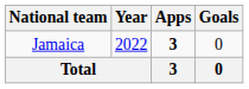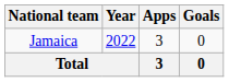 <table class="wikitable" style="text-align:center">
 <tr>
 <th>National team</th>
 <th>Year</th>
 <th>Apps</th>
 <th>Goals</th>
 </tr>
 <tr>
 <td><a href='#'>Jamaica</a></td>
 <td><a href='#'>2022</a></td>
-<td><strong>3</strong></td>
+<td>3</td>
 <td>0</td>
 </tr>
 <tr>
 <th colspan=2>Total</th>
 <th>3</th>
 <th>0</th>
 </tr>
 </table>
